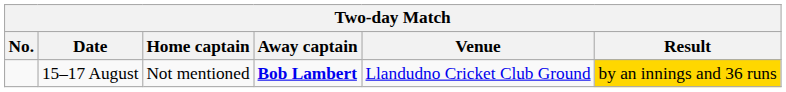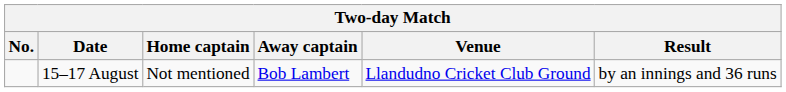 <table class="wikitable">
 <tr>
 <th colspan="9">Two-day Match</th>
 </tr>
 <tr>
 <th>No.</th>
 <th>Date</th>
 <th>Home captain</th>
 <th>Away captain</th>
 <th>Venue</th>
 <th>Result</th>
 </tr>
 <tr>
 <td></td>
 <td>15–17 August</td>
 <td>Not mentioned</td>
-<td><strong><a href='#'>Bob Lambert</a></strong></td>
+<td><a href='#'>Bob Lambert</a></td>
 <td><a href='#'>Llandudno Cricket Club Ground</a></td>
-<td style="background: gold;"> by an innings and 36 runs</td>
+<td> by an innings and 36 runs</td>
 </tr>
 </table>
